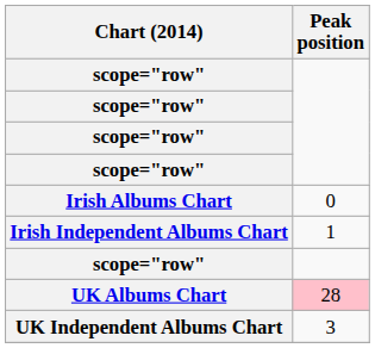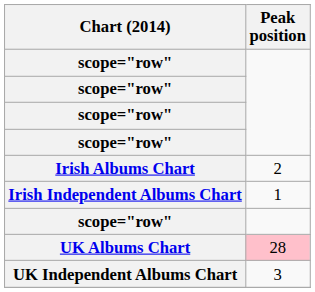 <table class="wikitable sortable plainrowheaders" style="text-align:center">
 <tr>
 <th scope="col">Chart (2014)</th>
 <th scope="col">Peak<br>position</th>
 </tr>
 <tr>
 <th>scope="row" </th>
 </tr>
 <tr>
 <th>scope="row" </th>
 </tr>
 <tr>
 <th>scope="row" </th>
 </tr>
 <tr>
 <th>scope="row" </th>
 </tr>
 <tr>
 <th scope="row"><a href='#'>Irish Albums Chart</a></th>
-<td>0</td>
+<td>2</td>
 </tr>
 <tr>
 <th scope="row"><a href='#'>Irish Independent Albums Chart</a></th>
 <td>1</td>
 </tr>
 <tr>
 <th>scope="row" </th>
 </tr>
 <tr>
 <th scope="row"><a href='#'>UK Albums Chart</a></th>
 <td style="background: pink;">28</td>
 </tr>
 <tr>
 <th scope="row">UK Independent Albums Chart</th>
 <td>3</td>
 </tr>
 <tr>
 </tr>
 <tr>
 </tr>
 <tr>
 </tr>
 <tr>
 </tr>
 <tr>
 </tr>
 <tr>
 </tr>
 </table>
